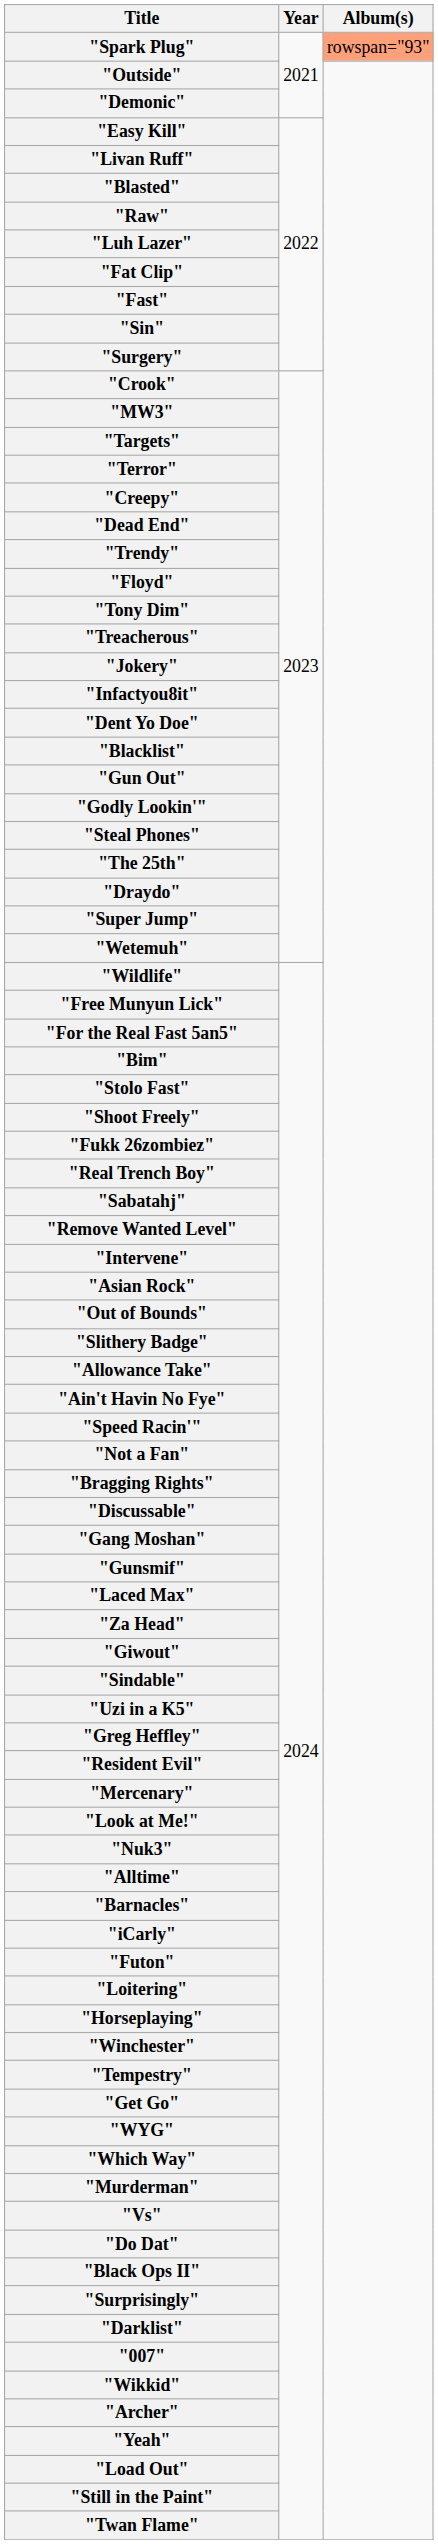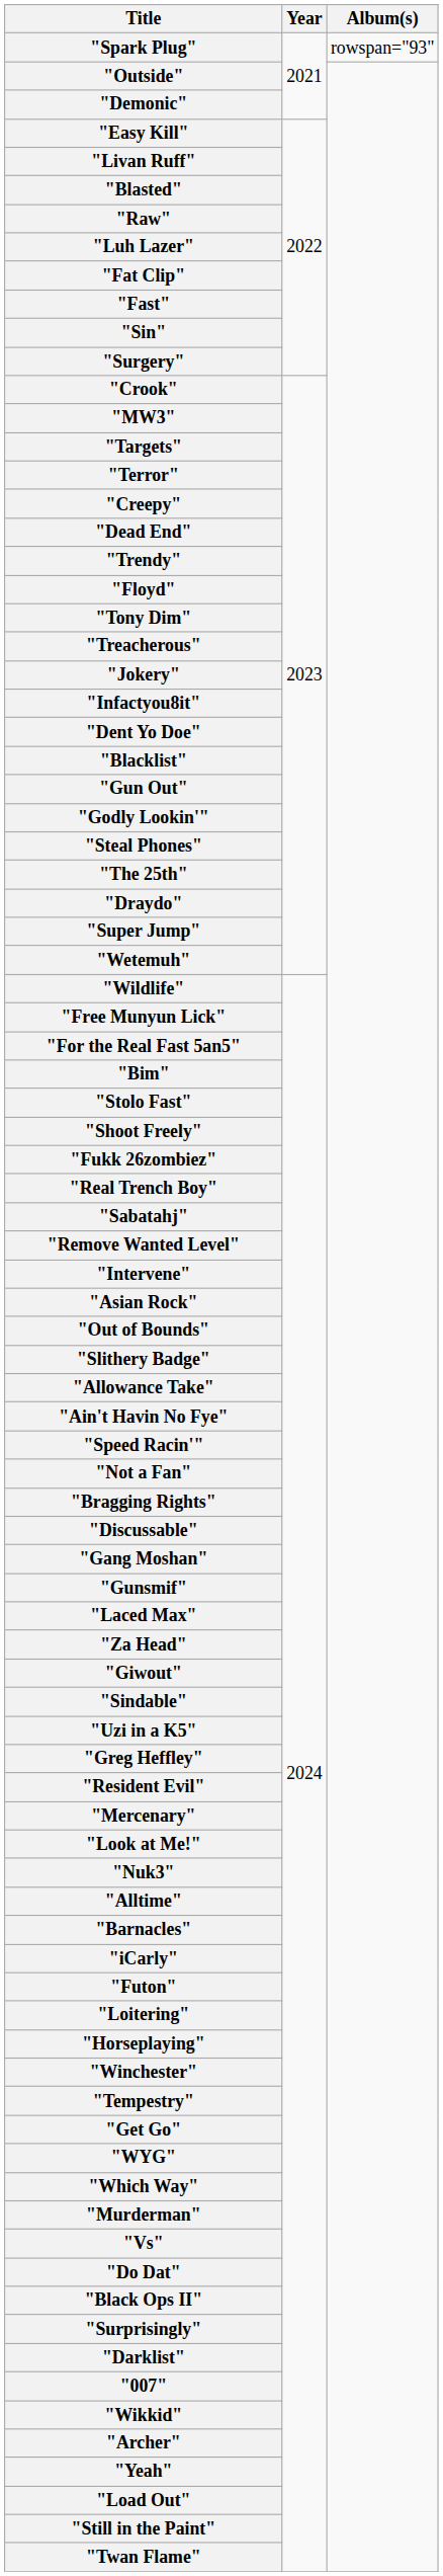 <table class="wikitable plainrowheaders" style="text-align:center;">
 <tr>
 <th scope="col" style="width:15em;">Title</th>
 <th scope="col">Year</th>
 <th scope="col">Album(s)</th>
 </tr>
 <tr>
 <th scope="row">"Spark Plug"</th>
 <td rowspan="3">2021</td>
-<td style="background: lightsalmon;">rowspan="93" </td>
+<td>rowspan="93" </td>
 </tr>
 <tr>
 <th scope="row">"Outside"</th>
 </tr>
 <tr>
 <th scope="row">"Demonic"</th>
 </tr>
 <tr>
 <th scope="row">"Easy Kill"</th>
 <td rowspan="9">2022</td>
 </tr>
 <tr>
 <th scope="row">"Livan Ruff"</th>
 </tr>
 <tr>
 <th scope="row">"Blasted"</th>
 </tr>
 <tr>
 <th scope="row">"Raw"</th>
 </tr>
 <tr>
 <th scope="row">"Luh Lazer"</th>
 </tr>
 <tr>
 <th scope="row">"Fat Clip"</th>
 </tr>
 <tr>
 <th scope="row">"Fast"</th>
 </tr>
 <tr>
 <th scope="row">"Sin"</th>
 </tr>
 <tr>
 <th scope="row">"Surgery"</th>
 </tr>
 <tr>
 <th scope="row">"Crook"</th>
 <td rowspan="21">2023</td>
 </tr>
 <tr>
 <th scope="row">"MW3"</th>
 </tr>
 <tr>
 <th scope="row">"Targets"</th>
 </tr>
 <tr>
 <th scope="row">"Terror"</th>
 </tr>
 <tr>
 <th scope="row">"Creepy"</th>
 </tr>
 <tr>
 <th scope="row">"Dead End"</th>
 </tr>
 <tr>
 <th scope="row">"Trendy"</th>
 </tr>
 <tr>
 <th scope="row">"Floyd"</th>
 </tr>
 <tr>
 <th scope="row">"Tony Dim"</th>
 </tr>
 <tr>
 <th scope="row">"Treacherous"</th>
 </tr>
 <tr>
 <th scope="row">"Jokery"</th>
 </tr>
 <tr>
 <th scope="row">"Infactyou8it"</th>
 </tr>
 <tr>
 <th scope="row">"Dent Yo Doe"</th>
 </tr>
 <tr>
 <th scope="row">"Blacklist"</th>
 </tr>
 <tr>
 <th scope="row">"Gun Out"</th>
 </tr>
 <tr>
 <th scope="row">"Godly Lookin'"</th>
 </tr>
 <tr>
 <th scope="row">"Steal Phones"</th>
 </tr>
 <tr>
 <th scope="row">"The 25th"</th>
 </tr>
 <tr>
 <th scope="row">"Draydo"</th>
 </tr>
 <tr>
 <th scope="row">"Super Jump"</th>
 </tr>
 <tr>
 <th scope="row">"Wetemuh"</th>
 </tr>
 <tr>
 <th scope="row">"Wildlife"</th>
 <td rowspan="62">2024</td>
 </tr>
 <tr>
 <th scope="row">"Free Munyun Lick"</th>
 </tr>
 <tr>
 <th scope="row">"For the Real Fast 5an5"</th>
 </tr>
 <tr>
 <th scope="row">"Bim"</th>
 </tr>
 <tr>
 <th scope="row">"Stolo Fast"</th>
 </tr>
 <tr>
 <th scope="row">"Shoot Freely"</th>
 </tr>
 <tr>
 <th scope="row">"Fukk 26zombiez"</th>
 </tr>
 <tr>
 <th scope="row">"Real Trench Boy"</th>
 </tr>
 <tr>
 <th scope="row">"Sabatahj"</th>
 </tr>
 <tr>
 <th scope="row">"Remove Wanted Level"</th>
 </tr>
 <tr>
 <th scope="row">"Intervene"</th>
 </tr>
 <tr>
 <th scope="row">"Asian Rock"</th>
 </tr>
 <tr>
 <th scope="row">"Out of Bounds"</th>
 </tr>
 <tr>
 <th scope="row">"Slithery Badge"</th>
 </tr>
 <tr>
 <th scope="row">"Allowance Take"</th>
 </tr>
 <tr>
 <th scope="row">"Ain't Havin No Fye"</th>
 </tr>
 <tr>
 <th scope="row">"Speed Racin'"</th>
 </tr>
 <tr>
 <th scope="row">"Not a Fan"</th>
 </tr>
 <tr>
 <th scope="row">"Bragging Rights"</th>
 </tr>
 <tr>
 <th scope="row">"Discussable"</th>
 </tr>
 <tr>
 <th scope="row">"Gang Moshan"</th>
 </tr>
 <tr>
 <th scope="row">"Gunsmif"</th>
 </tr>
 <tr>
 <th scope="row">"Laced Max"</th>
 </tr>
 <tr>
 <th scope="row">"Za Head"</th>
 </tr>
 <tr>
 <th scope="row">"Giwout"</th>
 </tr>
 <tr>
 <th scope="row">"Sindable"</th>
 </tr>
 <tr>
 <th scope="row">"Uzi in a K5"</th>
 </tr>
 <tr>
 <th scope="row">"Greg Heffley"</th>
 </tr>
 <tr>
 <th scope="row">"Resident Evil"</th>
 </tr>
 <tr>
 <th scope="row">"Mercenary"</th>
 </tr>
 <tr>
 <th scope="row">"Look at Me!"</th>
 </tr>
 <tr>
 <th scope="row">"Nuk3"<br></th>
 </tr>
 <tr>
 <th scope="row">"Alltime"</th>
 </tr>
 <tr>
 <th scope="row">"Barnacles"</th>
 </tr>
 <tr>
 <th scope="row">"iCarly"</th>
 </tr>
 <tr>
 <th scope="row">"Futon"</th>
 </tr>
 <tr>
 <th scope="row">"Loitering"</th>
 </tr>
 <tr>
 <th scope="row">"Horseplaying"</th>
 </tr>
 <tr>
 <th scope="row">"Winchester"</th>
 </tr>
 <tr>
 <th scope="row">"Tempestry"</th>
 </tr>
 <tr>
 <th scope="row">"Get Go"</th>
 </tr>
 <tr>
 <th scope="row">"WYG"<br></th>
 </tr>
 <tr>
 <th scope="row">"Which Way"</th>
 </tr>
 <tr>
 <th scope="row">"Murderman"<br></th>
 </tr>
 <tr>
 <th scope="row">"Vs"</th>
 </tr>
 <tr>
 <th scope="row">"Do Dat"<br></th>
 </tr>
 <tr>
 <th scope="row">"Black Ops II"</th>
 </tr>
 <tr>
 <th scope="row">"Surprisingly"</th>
 </tr>
 <tr>
 <th scope="row">"Darklist"</th>
 </tr>
 <tr>
 <th scope="row">"007"</th>
 </tr>
 <tr>
 <th scope="row">"Wikkid"</th>
 </tr>
 <tr>
 <th scope="row">"Archer"</th>
 </tr>
 <tr>
 <th scope="row">"Yeah"<br></th>
 </tr>
 <tr>
 <th scope="row">"Load Out"<br></th>
 </tr>
 <tr>
 <th scope="row">"Still in the Paint"<br></th>
 </tr>
 <tr>
 <th scope="row">"Twan Flame"<br></th>
 </tr>
 </table>
